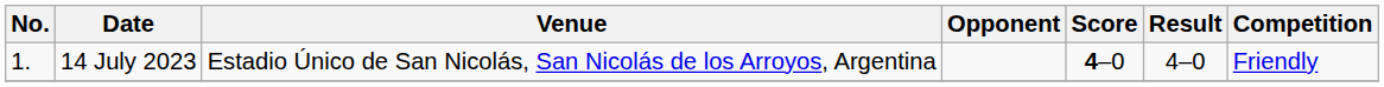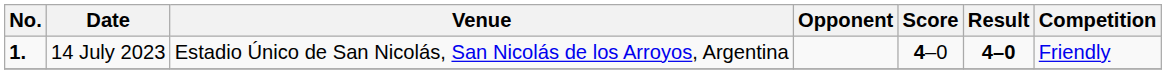 <table class="wikitable">
 <tr>
 <th>No.</th>
 <th>Date</th>
 <th>Venue</th>
 <th>Opponent</th>
 <th>Score</th>
 <th>Result</th>
 <th>Competition</th>
 </tr>
 <tr>
-<td>1.</td>
+<td><strong>1.</strong></td>
 <td>14 July 2023</td>
 <td>Estadio Único de San Nicolás, <a href='#'>San Nicolás de los Arroyos</a>, Argentina</td>
 <td></td>
 <td align=center><strong>4</strong>–0</td>
-<td align=center>4–0</td>
+<td align=center><strong>4–0</strong></td>
 <td><a href='#'>Friendly</a></td>
 </tr>
 <tr>
 </tr>
 </table>
